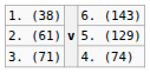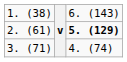 <table class="wikitable">
 <tr>
 <td>1.  (38)</td>
 <th rowspan=3>v</th>
 <td>6.  (143)</td>
 </tr>
 <tr>
 <td>2.  (61)</td>
-<td>5.  (129)</td>
+<td><strong>5.  (129)</strong></td>
 </tr>
 <tr>
 <td>3.  (71)</td>
 <td>4.  (74)</td>
 </tr>
 </table>
